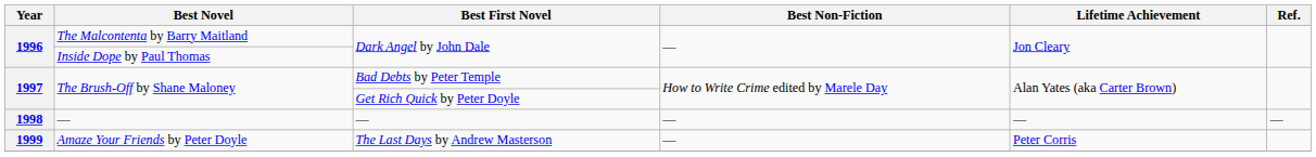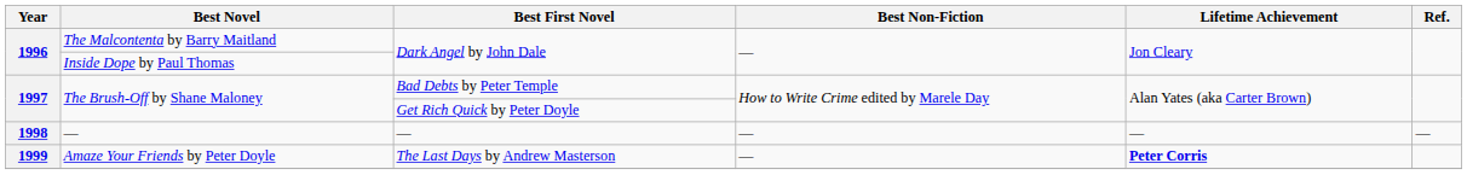 <table class="wikitable sortable" width="100%">
 <tr>
 <th scope="col">Year</th>
 <th scope="col">Best Novel</th>
 <th scope="col">Best First Novel</th>
 <th scope="col">Best Non-Fiction</th>
 <th scope="col">Lifetime Achievement</th>
 <th>Ref.</th>
 </tr>
 <tr>
 <th rowspan="2"><a href='#'>1996</a></th>
 <td><em><a href='#'>The Malcontenta</a></em> by <a href='#'>Barry Maitland</a></td>
 <td rowspan="2"><em><a href='#'>Dark Angel</a></em> by <a href='#'>John Dale</a></td>
 <td rowspan="2">—</td>
 <td rowspan="2"><a href='#'>Jon Cleary</a></td>
 <td rowspan="2"></td>
 </tr>
 <tr>
 <td><em><a href='#'>Inside Dope</a></em> by <a href='#'>Paul Thomas</a></td>
 </tr>
 <tr>
 <th rowspan="2"><a href='#'>1997</a></th>
 <td rowspan="2"><em><a href='#'>The Brush-Off</a></em> by <a href='#'>Shane Maloney</a></td>
 <td><em><a href='#'>Bad Debts</a></em> by <a href='#'>Peter Temple</a></td>
 <td rowspan="2"><em>How to Write Crime</em> edited by <a href='#'>Marele Day</a></td>
 <td rowspan="2">Alan Yates (aka <a href='#'>Carter Brown</a>)</td>
 <td rowspan="2"></td>
 </tr>
 <tr>
 <td><em><a href='#'>Get Rich Quick</a></em> by <a href='#'>Peter Doyle</a></td>
 </tr>
 <tr>
 <th><a href='#'>1998</a></th>
 <td>—</td>
 <td>—</td>
 <td>—</td>
 <td>—</td>
 <td>—</td>
 </tr>
 <tr>
 <th><a href='#'>1999</a></th>
 <td><em><a href='#'>Amaze Your Friends</a></em> by <a href='#'>Peter Doyle</a></td>
 <td><em><a href='#'>The Last Days</a></em> by <a href='#'>Andrew Masterson</a></td>
 <td>—</td>
-<td><a href='#'>Peter Corris</a></td>
+<td><strong><a href='#'>Peter Corris</a></strong></td>
 <td></td>
 </tr>
 <tr>
 </tr>
 </table>
